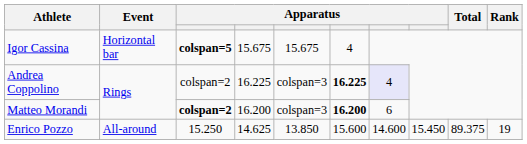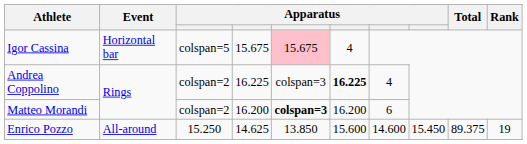 <table class="wikitable" style="font-size:90%">
 <tr>
 <th rowspan=2>Athlete</th>
 <th rowspan=2>Event</th>
 <th colspan =6>Apparatus</th>
 <th rowspan=2>Total</th>
 <th rowspan=2>Rank</th>
 </tr>
 <tr style="font-size:95%">
 <th></th>
 <th></th>
 <th></th>
 <th></th>
 <th></th>
 <th></th>
 </tr>
 <tr align=center>
 <td align=left><a href='#'>Igor Cassina</a></td>
 <td align=left><a href='#'>Horizontal bar</a></td>
-<td><strong>colspan=5 </strong></td>
+<td>colspan=5 </td>
 <td>15.675</td>
-<td>15.675</td>
+<td style="background: pink;">15.675</td>
 <td>4</td>
 </tr>
 <tr align=center>
 <td align=left><a href='#'>Andrea Coppolino</a></td>
 <td align=left rowspan=2><a href='#'>Rings</a></td>
 <td>colspan=2 </td>
 <td>16.225</td>
 <td>colspan=3 </td>
 <td><strong>16.225</strong></td>
-<td style="background: lavender;">4</td>
+<td>4</td>
 </tr>
 <tr align=center>
 <td align=left><a href='#'>Matteo Morandi</a></td>
-<td><strong>colspan=2 </strong></td>
+<td>colspan=2 </td>
 <td>16.200</td>
-<td>colspan=3 </td>
-<td><strong>16.200</strong></td>
+<td><strong>colspan=3 </strong></td>
+<td>16.200</td>
 <td>6</td>
 </tr>
 <tr align=center>
 <td align=left><a href='#'>Enrico Pozzo</a></td>
 <td align=left><a href='#'>All-around</a></td>
 <td>15.250</td>
 <td>14.625</td>
 <td>13.850</td>
 <td>15.600</td>
 <td>14.600</td>
 <td>15.450</td>
 <td>89.375</td>
 <td>19</td>
 </tr>
 </table>
